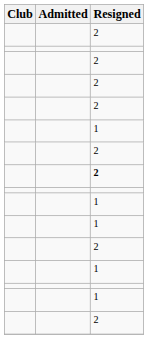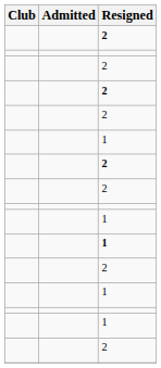 <table class="wikitable sortable">
 <tr>
 <th>Club</th>
 <th>Admitted</th>
 <th>Resigned</th>
+</tr>
+<tr>
+<td></td>
+<td></td>
+<td><strong><sup>2</sup></strong></td>
+</tr>
+<tr>
+<td></td>
+<td></td>
+<td></td>
+</tr>
+<tr>
+<td></td>
+<td></td>
+<td><sup>2</sup></td>
+</tr>
+<tr>
+<td></td>
+<td></td>
+<td><strong><sup>2</sup></strong></td>
+</tr>
+<tr>
+<td></td>
+<td></td>
+<td><sup>2</sup></td>
+</tr>
+<tr>
+<td></td>
+<td></td>
+<td><sup>1</sup></td>
+</tr>
+<tr>
+<td></td>
+<td></td>
+<td><strong><sup>2</sup></strong></td>
 </tr>
 <tr>
 <td></td>
 <td></td>
 <td><sup>2</sup></td>
 </tr>
 <tr>
 <td></td>
 <td></td>
 <td></td>
 </tr>
 <tr>
 <td></td>
 <td></td>
-<td><sup>2</sup></td>
-</tr>
-<tr>
-<td></td>
-<td></td>
-<td><sup>2</sup></td>
-</tr>
-<tr>
-<td></td>
-<td></td>
-<td><sup>2</sup></td>
-</tr>
-<tr>
-<td></td>
-<td></td>
 <td><sup>1</sup></td>
 </tr>
 <tr>
 <td></td>
 <td></td>
-<td><sup>2</sup></td>
-</tr>
-<tr>
-<td></td>
-<td></td>
-<td><strong><sup>2</sup></strong></td>
-</tr>
-<tr>
-<td></td>
-<td></td>
-<td></td>
-</tr>
-<tr>
-<td></td>
-<td></td>
-<td><sup>1</sup></td>
-</tr>
-<tr>
-<td></td>
-<td></td>
-<td><sup>1</sup></td>
+<td><strong><sup>1</sup></strong></td>
 </tr>
 <tr>
 <td></td>
 <td></td>
 <td><sup>2</sup></td>
 </tr>
 <tr>
 <td></td>
 <td></td>
 <td><sup>1</sup></td>
 </tr>
 <tr>
 <td></td>
 <td></td>
 <td></td>
 </tr>
 <tr>
 <td></td>
 <td></td>
 <td><sup>1</sup></td>
 </tr>
 <tr>
 <td></td>
 <td></td>
 <td><sup>2</sup></td>
 </tr>
 <tr>
 </tr>
 </table>
